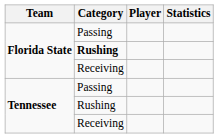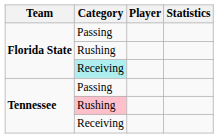 <table class="wikitable" style="float: right;">
 <tr>
 <th>Team</th>
 <th>Category</th>
 <th>Player</th>
 <th>Statistics</th>
 </tr>
 <tr>
 <td rowspan=3><strong>Florida State</strong></td>
 <td>Passing</td>
 <td></td>
 <td></td>
 </tr>
 <tr>
-<td><strong>Rushing</strong></td>
+<td>Rushing</td>
 <td></td>
 <td></td>
 </tr>
 <tr>
-<td>Receiving</td>
+<td style="background: paleturquoise;">Receiving</td>
 <td></td>
 <td></td>
 </tr>
 <tr>
 <td rowspan=3><strong>Tennessee</strong></td>
 <td>Passing</td>
 <td></td>
 <td></td>
 </tr>
 <tr>
-<td>Rushing</td>
+<td style="background: pink;">Rushing</td>
 <td></td>
 <td></td>
 </tr>
 <tr>
 <td>Receiving</td>
 <td></td>
 <td></td>
 </tr>
 </table>
